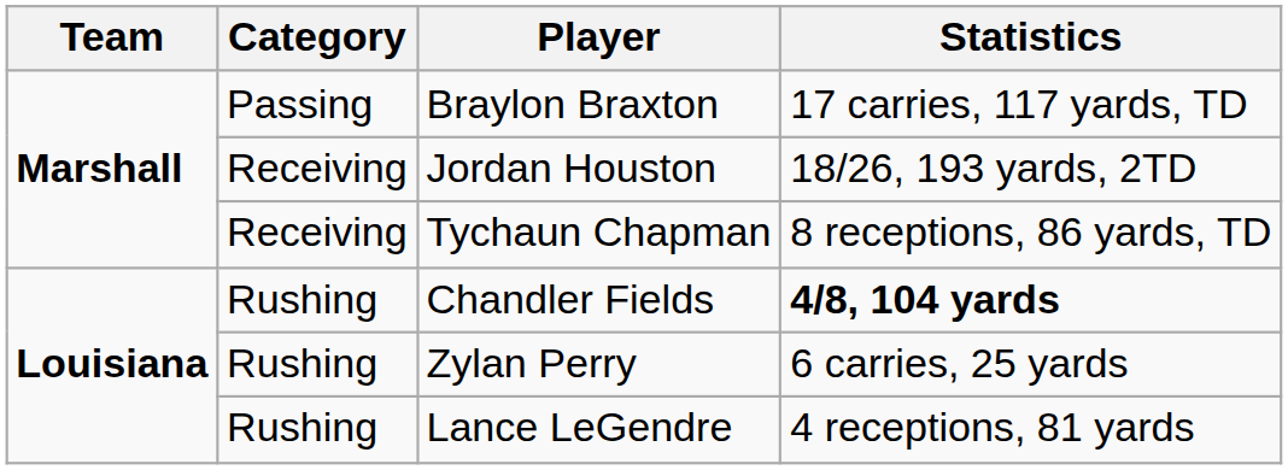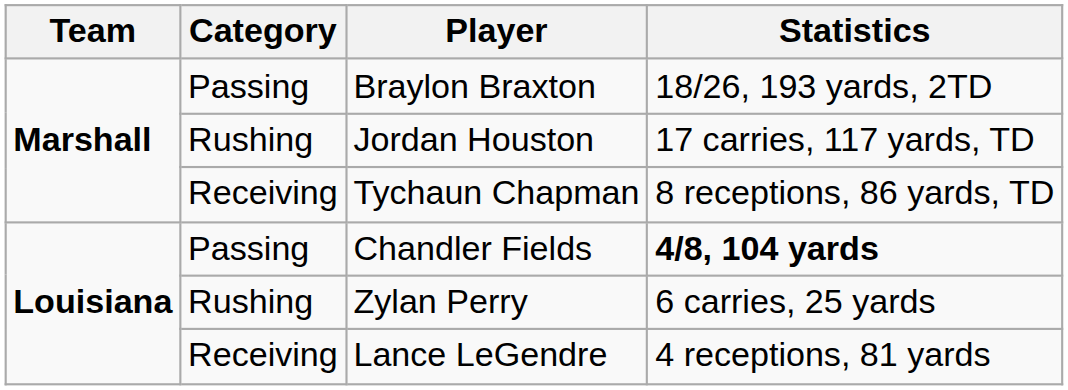 <table class="wikitable" style="float: right;">
 <tr>
 <th>Team</th>
 <th>Category</th>
 <th>Player</th>
 <th>Statistics</th>
 </tr>
 <tr>
 <td rowspan=3><strong>Marshall</strong></td>
 <td>Passing</td>
 <td>Braylon Braxton</td>
-<td>17 carries, 117 yards, TD</td>
+<td>18/26, 193 yards, 2TD</td>
 </tr>
 <tr>
-<td>Receiving</td>
+<td>Rushing</td>
 <td>Jordan Houston</td>
-<td>18/26, 193 yards, 2TD</td>
+<td>17 carries, 117 yards, TD</td>
 </tr>
 <tr>
 <td>Receiving</td>
 <td>Tychaun Chapman</td>
 <td>8 receptions, 86 yards, TD</td>
 </tr>
 <tr>
 <td rowspan=3><strong>Louisiana</strong></td>
-<td>Rushing</td>
+<td>Passing</td>
 <td>Chandler Fields</td>
 <td><strong>4/8, 104 yards</strong></td>
 </tr>
 <tr>
 <td>Rushing</td>
 <td>Zylan Perry</td>
 <td>6 carries, 25 yards</td>
 </tr>
 <tr>
-<td>Rushing</td>
+<td>Receiving</td>
 <td>Lance LeGendre</td>
 <td>4 receptions, 81 yards</td>
 </tr>
 </table>
